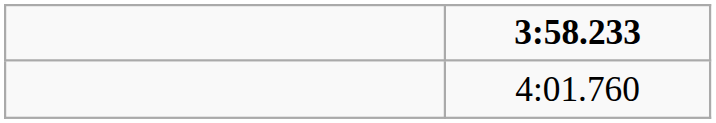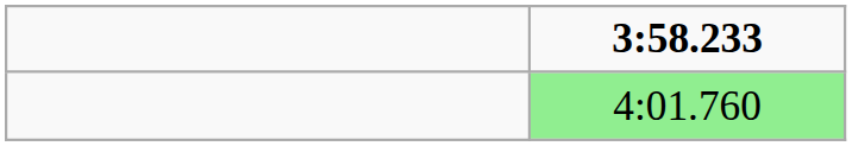 <table class="wikitable" style="text-align:center;">
 <tr>
 <td style="width:12em" align=left></td>
 <td style="width:7em;"><strong>3:58.233</strong></td>
 </tr>
 <tr>
 <td align=left></td>
-<td>4:01.760</td>
+<td style="background: lightgreen;">4:01.760</td>
 </tr>
 </table>
